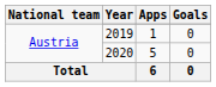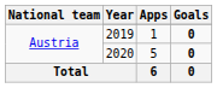 <table class=wikitable style=text-align:center>
 <tr>
 <th>National team</th>
 <th>Year</th>
 <th>Apps</th>
 <th>Goals</th>
 </tr>
 <tr>
 <td rowspan="3"><a href='#'>Austria</a></td>
 </tr>
 <tr>
 <td>2019</td>
 <td>1</td>
-<td>0</td>
+<td><strong>0</strong></td>
 </tr>
 <tr>
 <td>2020</td>
 <td>5</td>
-<td>0</td>
+<td><strong>0</strong></td>
 </tr>
 <tr>
 <th colspan="2">Total</th>
 <th>6</th>
 <th>0</th>
 </tr>
 </table>
